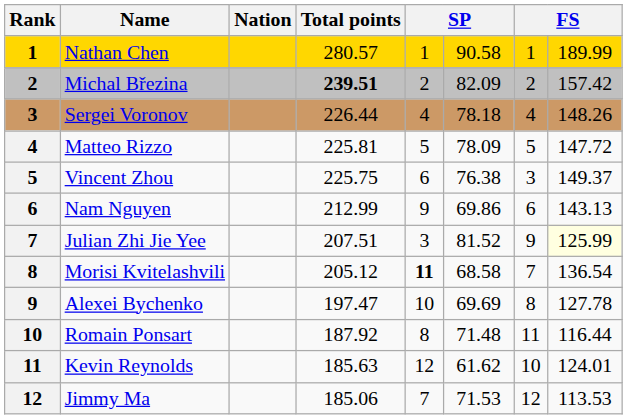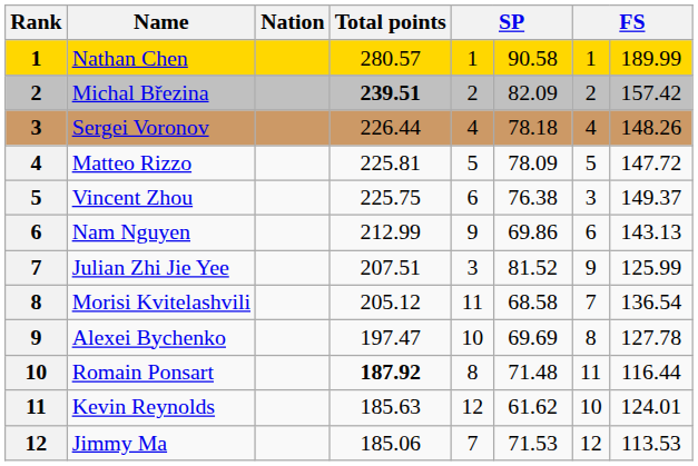 <table class="wikitable sortable">
 <tr>
 <th>Rank</th>
 <th>Name</th>
 <th>Nation</th>
 <th>Total points</th>
 <th colspan="2" width="80px"><a href='#'>SP</a></th>
 <th colspan="2" width="80px"><a href='#'>FS</a></th>
 </tr>
 <tr bgcolor="gold">
 <td align="center"><strong>1</strong></td>
 <td><a href='#'>Nathan Chen</a></td>
 <td></td>
 <td align="center">280.57</td>
 <td align="center">1</td>
 <td align="center">90.58</td>
 <td align="center">1</td>
 <td align="center">189.99</td>
 </tr>
 <tr bgcolor="silver">
 <td align="center"><strong>2</strong></td>
 <td><a href='#'>Michal Březina</a></td>
 <td></td>
 <td align="center"><strong>239.51</strong></td>
 <td align="center">2</td>
 <td align="center">82.09</td>
 <td align="center">2</td>
 <td align="center">157.42</td>
 </tr>
 <tr bgcolor="cc9966">
 <td align="center"><strong>3</strong></td>
 <td><a href='#'>Sergei Voronov</a></td>
 <td></td>
 <td align="center">226.44</td>
 <td align="center">4</td>
 <td align="center">78.18</td>
 <td align="center">4</td>
 <td align="center">148.26</td>
 </tr>
 <tr>
 <th>4</th>
 <td><a href='#'>Matteo Rizzo</a></td>
 <td></td>
 <td align="center">225.81</td>
 <td align="center">5</td>
 <td align="center">78.09</td>
 <td align="center">5</td>
 <td align="center">147.72</td>
 </tr>
 <tr>
 <th>5</th>
 <td><a href='#'>Vincent Zhou</a></td>
 <td></td>
 <td align="center">225.75</td>
 <td align="center">6</td>
 <td align="center">76.38</td>
 <td align="center">3</td>
 <td align="center">149.37</td>
 </tr>
 <tr>
 <th>6</th>
 <td><a href='#'>Nam Nguyen</a></td>
 <td></td>
 <td align="center">212.99</td>
 <td align="center">9</td>
 <td align="center">69.86</td>
 <td align="center">6</td>
 <td align="center">143.13</td>
 </tr>
 <tr>
 <th>7</th>
 <td><a href='#'>Julian Zhi Jie Yee</a></td>
 <td></td>
 <td align="center">207.51</td>
 <td align="center">3</td>
 <td align="center">81.52</td>
 <td align="center">9</td>
-<td align="center" style="background: lightyellow;">125.99</td>
+<td align="center">125.99</td>
 </tr>
 <tr>
 <th>8</th>
 <td><a href='#'>Morisi Kvitelashvili</a></td>
 <td></td>
 <td align="center">205.12</td>
-<td align="center"><strong>11</strong></td>
+<td align="center">11</td>
 <td align="center">68.58</td>
 <td align="center">7</td>
 <td align="center">136.54</td>
 </tr>
 <tr>
 <th>9</th>
 <td><a href='#'>Alexei Bychenko</a></td>
 <td></td>
 <td align="center">197.47</td>
 <td align="center">10</td>
 <td align="center">69.69</td>
 <td align="center">8</td>
 <td align="center">127.78</td>
 </tr>
 <tr>
 <th>10</th>
 <td><a href='#'>Romain Ponsart</a></td>
 <td></td>
-<td align="center">187.92</td>
+<td align="center"><strong>187.92</strong></td>
 <td align="center">8</td>
 <td align="center">71.48</td>
 <td align="center">11</td>
 <td align="center">116.44</td>
 </tr>
 <tr>
 <th>11</th>
 <td><a href='#'>Kevin Reynolds</a></td>
 <td></td>
 <td align="center">185.63</td>
 <td align="center">12</td>
 <td align="center">61.62</td>
 <td align="center">10</td>
 <td align="center">124.01</td>
 </tr>
 <tr>
 <th>12</th>
 <td><a href='#'>Jimmy Ma</a></td>
 <td></td>
 <td align="center">185.06</td>
 <td align="center">7</td>
 <td align="center">71.53</td>
 <td align="center">12</td>
 <td align="center">113.53</td>
 </tr>
 </table>
